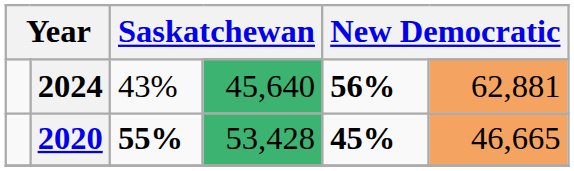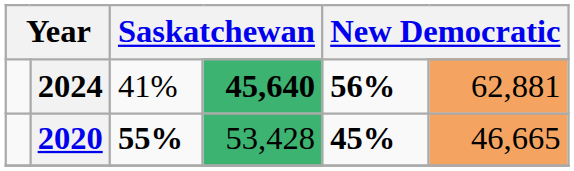 <table class="wikitable" style="width:400; font-size:90%; margin-left:1em;">
 <tr>
 <th colspan="2" scope="col">Year</th>
 <th colspan="2" scope="col"><a href='#'>Saskatchewan</a></th>
 <th colspan="2" scope="col"><a href='#'>New Democratic</a></th>
 </tr>
 <tr>
 <td style="width: 0.25em; background-color: "></td>
 <th>2024</th>
-<td>43%</td>
-<td style="text-align:right; background:#3CB371;">45,640</td>
+<td>41%</td>
+<td style="text-align:right; background:#3CB371;"><strong>45,640</strong></td>
 <td><strong>56%</strong></td>
 <td style="text-align:right; background:#F4A460;">62,881</td>
 </tr>
 <tr>
 <td style="width: 0.25em; background-color: "></td>
 <th><a href='#'>2020</a></th>
 <td><strong>55%</strong></td>
 <td style="text-align:right; background:#3CB371;">53,428</td>
 <td><strong>45%</strong></td>
 <td style="text-align:right; background:#F4A460;">46,665</td>
 </tr>
 <tr>
 </tr>
 </table>
